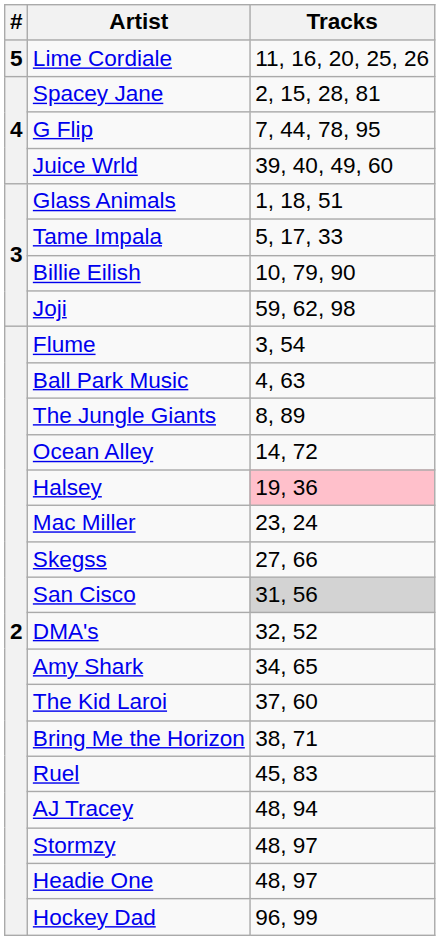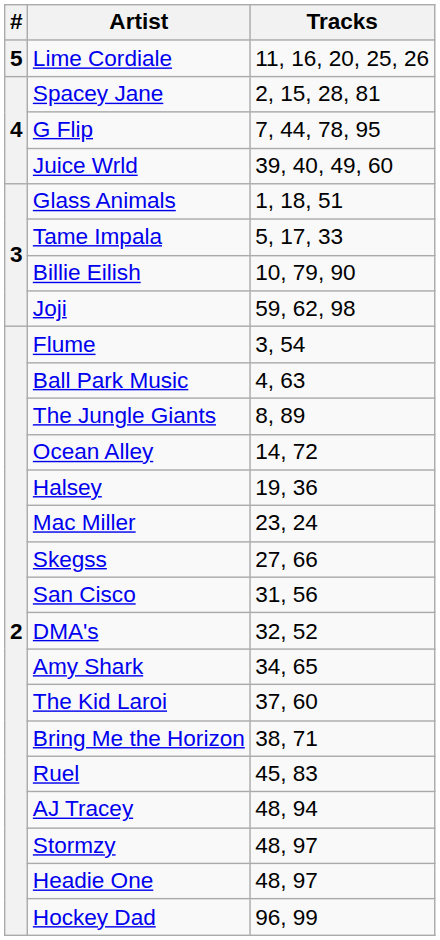 <table class="wikitable sortable">
 <tr>
 <th>#</th>
 <th>Artist</th>
 <th>Tracks</th>
 </tr>
 <tr>
 <th>5</th>
 <td><a href='#'>Lime Cordiale</a></td>
 <td>11, 16, 20, 25, 26</td>
 </tr>
 <tr>
 <th rowspan="3">4</th>
 <td><a href='#'>Spacey Jane</a></td>
 <td>2, 15, 28, 81</td>
 </tr>
 <tr>
 <td><a href='#'>G Flip</a></td>
 <td>7, 44, 78, 95</td>
 </tr>
 <tr>
 <td><a href='#'>Juice Wrld</a></td>
 <td>39, 40, 49, 60</td>
 </tr>
 <tr>
 <th rowspan="4">3</th>
 <td><a href='#'>Glass Animals</a></td>
 <td>1, 18, 51</td>
 </tr>
 <tr>
 <td><a href='#'>Tame Impala</a></td>
 <td>5, 17, 33</td>
 </tr>
 <tr>
 <td><a href='#'>Billie Eilish</a></td>
 <td>10, 79, 90</td>
 </tr>
 <tr>
 <td><a href='#'>Joji</a></td>
 <td>59, 62, 98</td>
 </tr>
 <tr>
 <th rowspan="17">2</th>
 <td><a href='#'>Flume</a></td>
 <td>3, 54</td>
 </tr>
 <tr>
 <td><a href='#'>Ball Park Music</a></td>
 <td>4, 63</td>
 </tr>
 <tr>
 <td><a href='#'>The Jungle Giants</a></td>
 <td>8, 89</td>
 </tr>
 <tr>
 <td><a href='#'>Ocean Alley</a></td>
 <td>14, 72</td>
 </tr>
 <tr>
 <td><a href='#'>Halsey</a></td>
-<td style="background: pink;">19, 36</td>
+<td>19, 36</td>
 </tr>
 <tr>
 <td><a href='#'>Mac Miller</a></td>
 <td>23, 24</td>
 </tr>
 <tr>
 <td><a href='#'>Skegss</a></td>
 <td>27, 66</td>
 </tr>
 <tr>
 <td><a href='#'>San Cisco</a></td>
-<td style="background: lightgrey;">31, 56</td>
+<td>31, 56</td>
 </tr>
 <tr>
 <td><a href='#'>DMA's</a></td>
 <td>32, 52</td>
 </tr>
 <tr>
 <td><a href='#'>Amy Shark</a></td>
 <td>34, 65</td>
 </tr>
 <tr>
 <td><a href='#'>The Kid Laroi</a></td>
 <td>37, 60</td>
 </tr>
 <tr>
 <td><a href='#'>Bring Me the Horizon</a></td>
 <td>38, 71</td>
 </tr>
 <tr>
 <td><a href='#'>Ruel</a></td>
 <td>45, 83</td>
 </tr>
 <tr>
 <td><a href='#'>AJ Tracey</a></td>
 <td>48, 94</td>
 </tr>
 <tr>
 <td><a href='#'>Stormzy</a></td>
 <td>48, 97</td>
 </tr>
 <tr>
 <td><a href='#'>Headie One</a></td>
 <td>48, 97</td>
 </tr>
 <tr>
 <td><a href='#'>Hockey Dad</a></td>
 <td>96, 99</td>
 </tr>
 </table>
